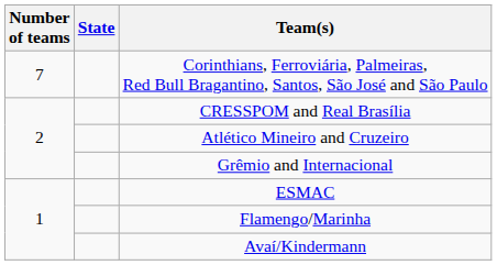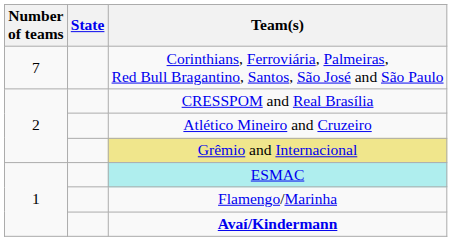 <table class="wikitable" style="text-align:center">
 <tr>
 <th>Number<br>of teams</th>
 <th><a href='#'>State</a></th>
 <th>Team(s)</th>
 </tr>
 <tr>
 <td>7</td>
 <td align=left></td>
 <td><a href='#'>Corinthians</a>, <a href='#'>Ferroviária</a>, <a href='#'>Palmeiras</a>,<br><a href='#'>Red Bull Bragantino</a>, <a href='#'>Santos</a>, <a href='#'>São José</a> and <a href='#'>São Paulo</a></td>
 </tr>
 <tr>
 <td rowspan=3>2</td>
 <td align=left></td>
 <td><a href='#'>CRESSPOM</a> and <a href='#'>Real Brasília</a></td>
 </tr>
 <tr>
 <td align=left></td>
 <td><a href='#'>Atlético Mineiro</a> and <a href='#'>Cruzeiro</a></td>
 </tr>
 <tr>
 <td align=left></td>
-<td><a href='#'>Grêmio</a> and <a href='#'>Internacional</a></td>
+<td style="background: khaki;"><a href='#'>Grêmio</a> and <a href='#'>Internacional</a></td>
 </tr>
 <tr>
 <td rowspan=3>1</td>
 <td align=left></td>
-<td><a href='#'>ESMAC</a></td>
+<td style="background: paleturquoise;"><a href='#'>ESMAC</a></td>
 </tr>
 <tr>
 <td align=left></td>
 <td><a href='#'>Flamengo</a>/<a href='#'>Marinha</a></td>
 </tr>
 <tr>
 <td align=left></td>
-<td><a href='#'>Avaí/Kindermann</a></td>
+<td><strong><a href='#'>Avaí/Kindermann</a></strong></td>
 </tr>
 </table>
